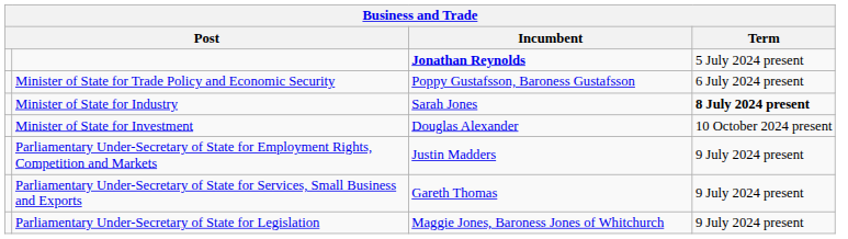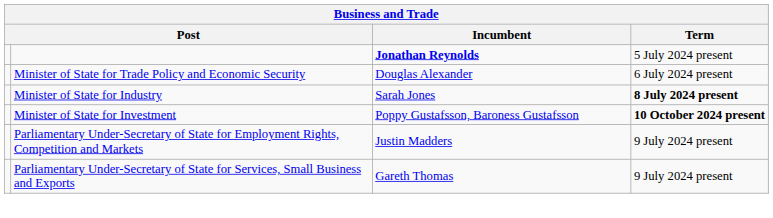 <table class="wikitable">
 <tr>
 <th colspan="4"><a href='#'>Business and Trade</a></th>
 </tr>
 <tr>
 <th colspan="2">Post</th>
 <th>Incumbent</th>
 <th>Term</th>
 </tr>
 <tr>
 <td style="width: 1px; background: "></td>
 <td style="width: 450px;"></td>
 <td style="width: 320px;"><strong><a href='#'>Jonathan Reynolds</a></strong></td>
 <td>5 July 2024 present</td>
 </tr>
 <tr>
 <td style="width: 1px; background: "></td>
 <td><a href='#'>Minister of State for Trade Policy and Economic Security</a></td>
-<td><a href='#'>Poppy Gustafsson, Baroness Gustafsson</a> </td>
+<td style="width: 320px;"><a href='#'>Douglas Alexander</a></td>
 <td>6 July 2024 present</td>
 </tr>
 <tr>
 <td style="width: 1px; background: "></td>
 <td><a href='#'>Minister of State for Industry</a></td>
 <td><a href='#'>Sarah Jones</a></td>
 <td><strong>8 July 2024 present</strong></td>
 </tr>
 <tr>
 <td style="width: 1px; background: "></td>
 <td><a href='#'>Minister of State for Investment</a></td>
-<td style="width: 320px;"><a href='#'>Douglas Alexander</a></td>
-<td>10 October 2024 present</td>
+<td><a href='#'>Poppy Gustafsson, Baroness Gustafsson</a> </td>
+<td><strong>10 October 2024 present</strong></td>
 </tr>
 <tr>
 <td style="width: 1px; background: "></td>
 <td><a href='#'>Parliamentary Under-Secretary of State for Employment Rights, Competition and Markets</a></td>
 <td><a href='#'>Justin Madders</a></td>
 <td>9 July 2024 present</td>
 </tr>
 <tr>
 <td style="width: 1px; background: "></td>
 <td><a href='#'>Parliamentary Under-Secretary of State for Services, Small Business and Exports</a></td>
 <td><a href='#'>Gareth Thomas</a></td>
 <td>9 July 2024 present</td>
 </tr>
-<tr>
-<td style="width: 1px; background: "></td>
-<td><a href='#'>Parliamentary Under-Secretary of State for Legislation</a></td>
-<td><a href='#'>Maggie Jones, Baroness Jones of Whitchurch</a> </td>
-<td>9 July 2024 present</td>
-</tr>
 </table>
